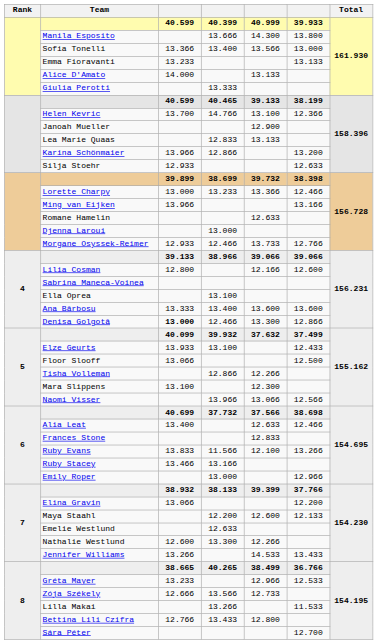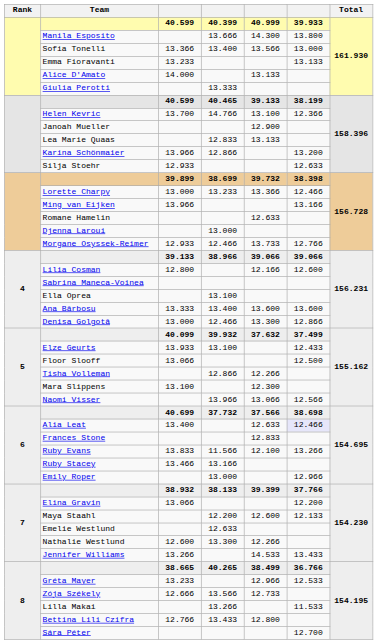 <table class="wikitable sortable" style="text-align:center; font-size:95%">
 <tr>
 <th scope="col" style="width:50px;">Rank</th>
 <th scope="col" style="width:175px;">Team</th>
 <th scope="col" style="width:60px;"></th>
 <th scope="col" style="width:60px;"></th>
 <th scope="col" style="width:60px;"></th>
 <th scope="col" style="width:60px;"></th>
 <th scope="col" style="width:60px;">Total</th>
 </tr>
 <tr style="background:#fffcaf;">
 <td rowspan="6"><strong></strong></td>
 <td style="text-align:left;"><strong></strong></td>
 <td><strong>40.599</strong></td>
 <td><strong>40.399</strong></td>
 <td><strong>40.999</strong></td>
 <td><strong>39.933</strong></td>
 <td rowspan="6"><strong>161.930</strong></td>
 </tr>
 <tr>
 <td style="text-align:left;"><a href='#'>Manila Esposito</a></td>
 <td></td>
 <td>13.666</td>
 <td>14.300</td>
 <td>13.800</td>
 </tr>
 <tr>
 <td style="text-align:left;">Sofia Tonelli</td>
 <td>13.366</td>
 <td>13.400</td>
 <td>13.566</td>
 <td>13.000</td>
 </tr>
 <tr>
 <td style="text-align:left;">Emma Fioravanti</td>
 <td>13.233</td>
 <td></td>
 <td></td>
 <td>13.133</td>
 </tr>
 <tr>
 <td style="text-align:left;"><a href='#'>Alice D'Amato</a></td>
 <td>14.000</td>
 <td></td>
 <td>13.133</td>
 <td></td>
 </tr>
 <tr>
 <td style="text-align:left;"><a href='#'>Giulia Perotti</a></td>
 <td></td>
 <td>13.333</td>
 <td></td>
 <td></td>
 </tr>
 <tr style="background:#e5e5e5;">
 <td rowspan="6"><strong></strong></td>
 <td style="text-align:left;"><strong></strong></td>
 <td><strong>40.599</strong></td>
 <td><strong>40.465</strong></td>
 <td><strong>39.133</strong></td>
 <td><strong>38.199</strong></td>
 <td rowspan="6"><strong>158.396</strong></td>
 </tr>
 <tr>
 <td style="text-align:left;"><a href='#'>Helen Kevric</a></td>
 <td>13.700</td>
 <td>14.766</td>
 <td>13.100</td>
 <td>12.366</td>
 </tr>
 <tr>
 <td style="text-align:left;">Janoah Mueller</td>
 <td></td>
 <td></td>
 <td>12.900</td>
 <td></td>
 </tr>
 <tr>
 <td style="text-align:left;">Lea Marie Quaas</td>
 <td></td>
 <td>12.833</td>
 <td>13.133</td>
 <td></td>
 </tr>
 <tr>
 <td style="text-align:left;"><a href='#'>Karina Schönmaier</a></td>
 <td>13.966</td>
 <td>12.866</td>
 <td></td>
 <td>13.200</td>
 </tr>
 <tr>
 <td style="text-align:left;">Silja Stoehr</td>
 <td>12.933</td>
 <td></td>
 <td></td>
 <td>12.633</td>
 </tr>
 <tr style="background:#ec9;">
 <td rowspan="6"><strong></strong></td>
 <td style="text-align:left;"><strong></strong></td>
 <td><strong>39.899</strong></td>
 <td><strong>38.699</strong></td>
 <td><strong>39.732</strong></td>
 <td><strong>38.398</strong></td>
 <td rowspan="6"><strong>156.728</strong></td>
 </tr>
 <tr>
 <td style="text-align:left;"><a href='#'>Lorette Charpy</a></td>
 <td>13.000</td>
 <td>13.233</td>
 <td>13.366</td>
 <td>12.466</td>
 </tr>
 <tr>
 <td style="text-align:left;"><a href='#'>Ming van Eijken</a></td>
 <td>13.966</td>
 <td></td>
 <td></td>
 <td>13.166</td>
 </tr>
 <tr>
 <td style="text-align:left;">Romane Hamelin</td>
 <td></td>
 <td></td>
 <td>12.633</td>
 <td></td>
 </tr>
 <tr>
 <td style="text-align:left;"><a href='#'>Djenna Laroui</a></td>
 <td></td>
 <td>13.000</td>
 <td></td>
 <td></td>
 </tr>
 <tr>
 <td style="text-align:left;"><a href='#'>Morgane Osyssek-Reimer</a></td>
 <td>12.933</td>
 <td>12.466</td>
 <td>13.733</td>
 <td>12.766</td>
 </tr>
 <tr style="background:#eee;">
 <td rowspan="6"><strong>4</strong></td>
 <td style="text-align:left;"><strong></strong></td>
 <td><strong>39.133</strong></td>
 <td><strong>38.966</strong></td>
 <td><strong>39.066</strong></td>
 <td><strong>39.066</strong></td>
 <td rowspan="6"><strong>156.231</strong></td>
 </tr>
 <tr>
 <td style="text-align:left;"><a href='#'>Lilia Cosman</a></td>
 <td>12.800</td>
 <td></td>
 <td>12.166</td>
 <td>12.600</td>
 </tr>
 <tr>
 <td style="text-align:left;"><a href='#'>Sabrina Maneca-Voinea</a></td>
 <td></td>
 <td></td>
 <td></td>
 <td></td>
 </tr>
 <tr>
 <td style="text-align:left;">Ella Oprea</td>
 <td></td>
 <td>13.100</td>
 <td></td>
 <td></td>
 </tr>
 <tr>
 <td style="text-align:left;"><a href='#'>Ana Bărbosu</a></td>
 <td>13.333</td>
 <td>13.400</td>
 <td>13.600</td>
 <td>13.600</td>
 </tr>
 <tr>
 <td style="text-align:left;"><a href='#'>Denisa Golgotă</a></td>
-<td><strong>13.000</strong></td>
+<td>13.000</td>
 <td>12.466</td>
 <td>13.300</td>
 <td>12.866</td>
 </tr>
 <tr style="background:#eee;">
 <td rowspan="6"><strong>5</strong></td>
 <td style="text-align:left;"><strong></strong></td>
 <td><strong>40.099</strong></td>
 <td><strong>39.932</strong></td>
 <td><strong>37.632</strong></td>
 <td><strong>37.499</strong></td>
 <td rowspan="6"><strong>155.162</strong></td>
 </tr>
 <tr>
 <td style="text-align:left;"><a href='#'>Elze Geurts</a></td>
 <td>13.933</td>
 <td>13.100</td>
 <td></td>
 <td>12.433</td>
 </tr>
 <tr>
 <td style="text-align:left;">Floor Slooff</td>
 <td>13.066</td>
 <td></td>
 <td></td>
 <td>12.500</td>
 </tr>
 <tr>
 <td style="text-align:left;"><a href='#'>Tisha Volleman</a></td>
 <td></td>
 <td>12.866</td>
 <td>12.266</td>
 <td></td>
 </tr>
 <tr>
 <td style="text-align:left;">Mara Slippens</td>
 <td>13.100</td>
 <td></td>
 <td>12.300</td>
 <td></td>
 </tr>
 <tr>
 <td style="text-align:left;"><a href='#'>Naomi Visser</a></td>
 <td></td>
 <td>13.966</td>
 <td>13.066</td>
 <td>12.566</td>
 </tr>
 <tr style="background:#eee;">
 <td rowspan="6"><strong>6</strong></td>
 <td style="text-align:left;"><strong></strong></td>
 <td><strong>40.699</strong></td>
 <td><strong>37.732</strong></td>
 <td><strong>37.566</strong></td>
 <td><strong>38.698</strong></td>
 <td rowspan="6"><strong>154.695</strong></td>
 </tr>
 <tr>
 <td style="text-align:left;"><a href='#'>Alia Leat</a></td>
 <td>13.400</td>
 <td></td>
 <td>12.633</td>
-<td>12.466</td>
+<td style="background: lavender;">12.466</td>
 </tr>
 <tr>
 <td style="text-align:left;"><a href='#'>Frances Stone</a></td>
 <td></td>
 <td></td>
 <td>12.833</td>
 <td></td>
 </tr>
 <tr>
 <td style="text-align:left;"><a href='#'>Ruby Evans</a></td>
 <td>13.833</td>
 <td>11.566</td>
 <td>12.100</td>
 <td>13.266</td>
 </tr>
 <tr>
 <td style="text-align:left;"><a href='#'>Ruby Stacey</a></td>
 <td>13.466</td>
 <td>13.166</td>
 <td></td>
 <td></td>
 </tr>
 <tr>
 <td style="text-align:left;"><a href='#'>Emily Roper</a></td>
 <td></td>
 <td>13.000</td>
 <td></td>
 <td>12.966</td>
 </tr>
 <tr style="background:#eee;">
 <td rowspan="6"><strong>7</strong></td>
 <td style="text-align:left;"><strong></strong></td>
 <td><strong>38.932</strong></td>
 <td><strong>38.133</strong></td>
 <td><strong>39.399</strong></td>
 <td><strong>37.766</strong></td>
 <td rowspan="6"><strong>154.230</strong></td>
 </tr>
 <tr>
 <td style="text-align:left;"><a href='#'>Elina Gravin</a></td>
 <td>13.066</td>
 <td></td>
 <td></td>
 <td>12.200</td>
 </tr>
 <tr>
 <td style="text-align:left;">Maya Staahl</td>
 <td></td>
 <td>12.200</td>
 <td>12.600</td>
 <td>12.133</td>
 </tr>
 <tr>
 <td style="text-align:left;">Emelie Westlund</td>
 <td></td>
 <td>12.633</td>
 <td></td>
 <td></td>
 </tr>
 <tr>
 <td style="text-align:left;">Nathalie Westlund</td>
 <td>12.600</td>
 <td>13.300</td>
 <td>12.266</td>
 <td></td>
 </tr>
 <tr>
 <td style="text-align:left;"><a href='#'>Jennifer Williams</a></td>
 <td>13.266</td>
 <td></td>
 <td>14.533</td>
 <td>13.433</td>
 </tr>
 <tr style="background:#eee;">
 <td rowspan="6"><strong>8</strong></td>
 <td style="text-align:left;"><strong></strong></td>
 <td><strong>38.665</strong></td>
 <td><strong>40.265</strong></td>
 <td><strong>38.499</strong></td>
 <td><strong>36.766</strong></td>
 <td rowspan="6"><strong>154.195</strong></td>
 </tr>
 <tr>
 <td style="text-align:left;"><a href='#'>Gréta Mayer</a></td>
 <td>13.233</td>
 <td></td>
 <td>12.966</td>
 <td>12.533</td>
 </tr>
 <tr>
 <td style="text-align:left;"><a href='#'>Zója Székely</a></td>
 <td>12.666</td>
 <td>13.566</td>
 <td>12.733</td>
 <td></td>
 </tr>
 <tr>
 <td style="text-align:left;">Lilla Makai</td>
 <td></td>
 <td>13.266</td>
 <td></td>
 <td>11.533</td>
 </tr>
 <tr>
 <td style="text-align:left;"><a href='#'>Bettina Lili Czifra</a></td>
 <td>12.766</td>
 <td>13.433</td>
 <td>12.800</td>
 <td></td>
 </tr>
 <tr>
 <td style="text-align:left;"><a href='#'>Sára Péter</a></td>
 <td></td>
 <td></td>
 <td></td>
 <td>12.700</td>
 </tr>
 </table>
